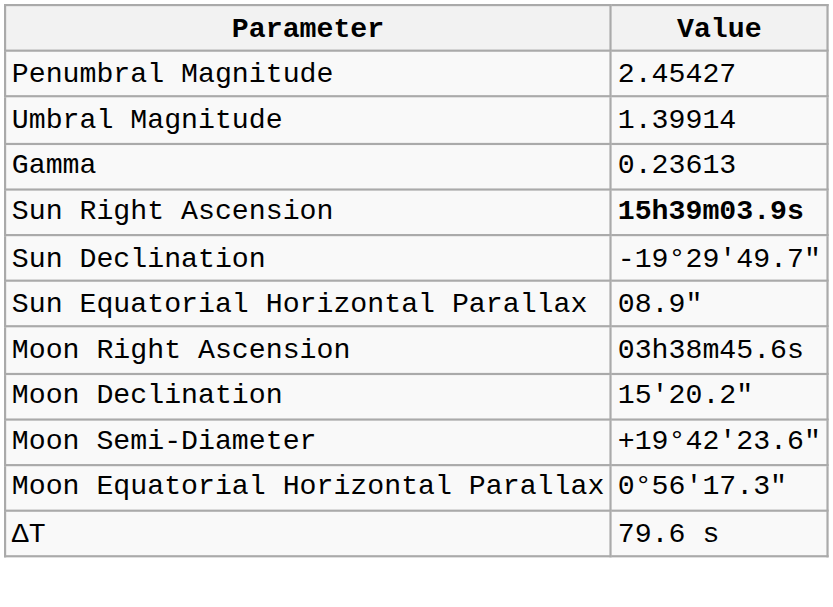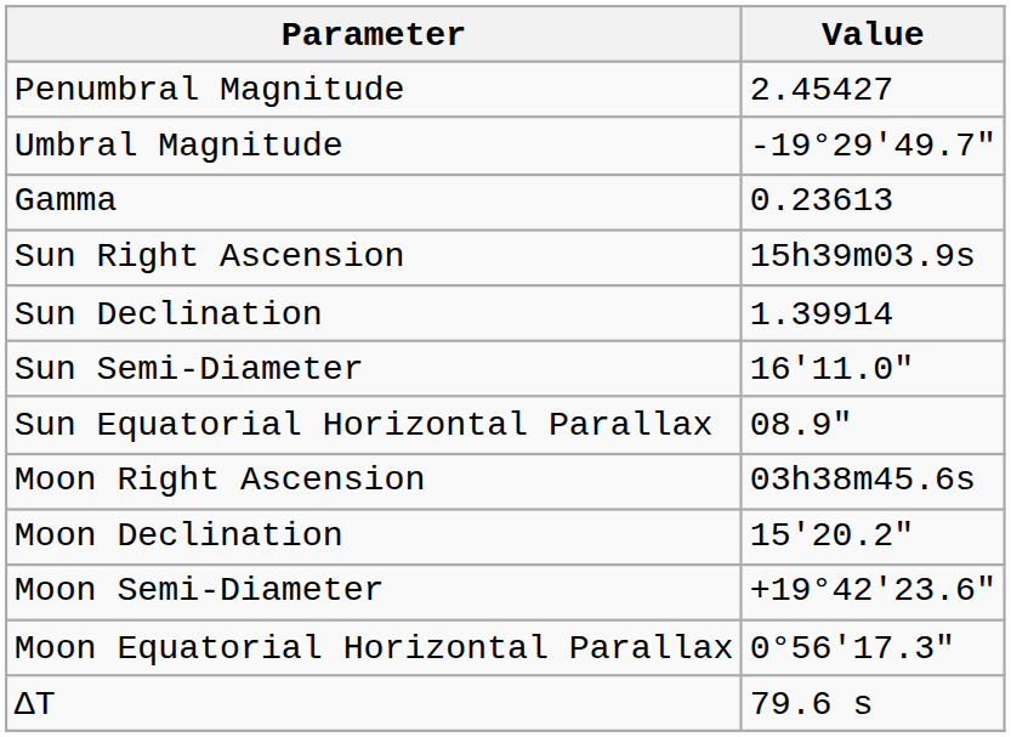 <table class="wikitable">
 <tr>
 <th>Parameter</th>
 <th>Value</th>
 </tr>
 <tr>
 <td>Penumbral Magnitude</td>
 <td>2.45427</td>
 </tr>
 <tr>
 <td>Umbral Magnitude</td>
-<td>1.39914</td>
+<td>-19°29'49.7"</td>
 </tr>
 <tr>
 <td>Gamma</td>
 <td>0.23613</td>
 </tr>
 <tr>
 <td>Sun Right Ascension</td>
-<td><strong>15h39m03.9s</strong></td>
+<td>15h39m03.9s</td>
 </tr>
 <tr>
 <td>Sun Declination</td>
-<td>-19°29'49.7"</td>
+<td>1.39914</td>
+</tr>
+<tr>
+<td>Sun Semi-Diameter</td>
+<td>16'11.0"</td>
 </tr>
 <tr>
 <td>Sun Equatorial Horizontal Parallax</td>
 <td>08.9"</td>
 </tr>
 <tr>
 <td>Moon Right Ascension</td>
 <td>03h38m45.6s</td>
 </tr>
 <tr>
 <td>Moon Declination</td>
 <td>15'20.2"</td>
 </tr>
 <tr>
 <td>Moon Semi-Diameter</td>
 <td>+19°42'23.6"</td>
 </tr>
 <tr>
 <td>Moon Equatorial Horizontal Parallax</td>
 <td>0°56'17.3"</td>
 </tr>
 <tr>
 <td>ΔT</td>
 <td>79.6 s</td>
 </tr>
 </table>
